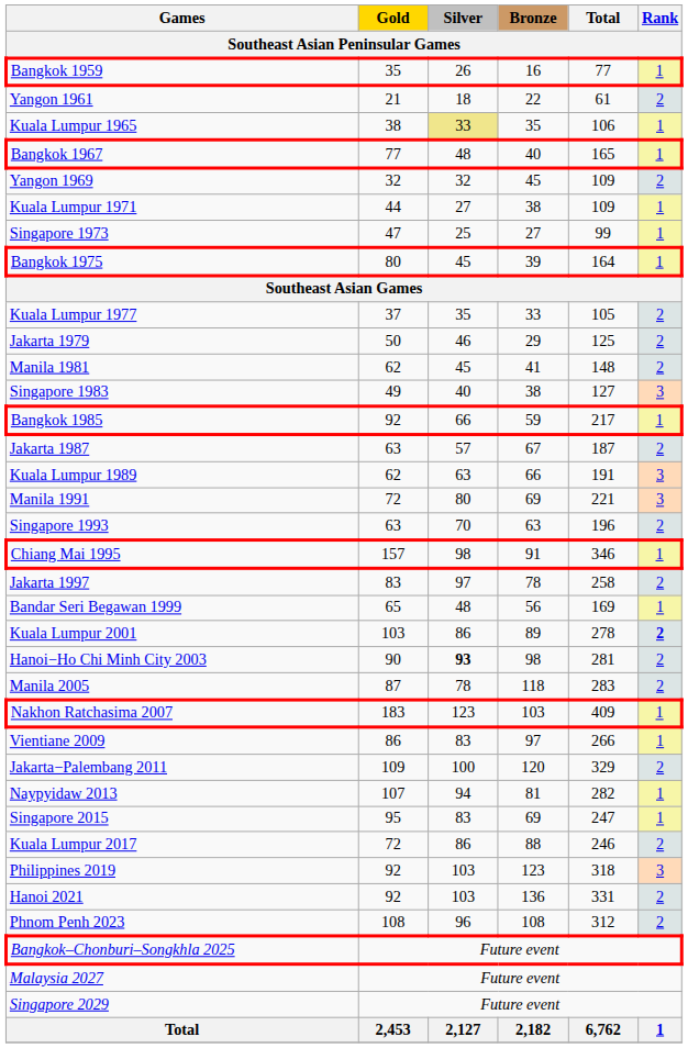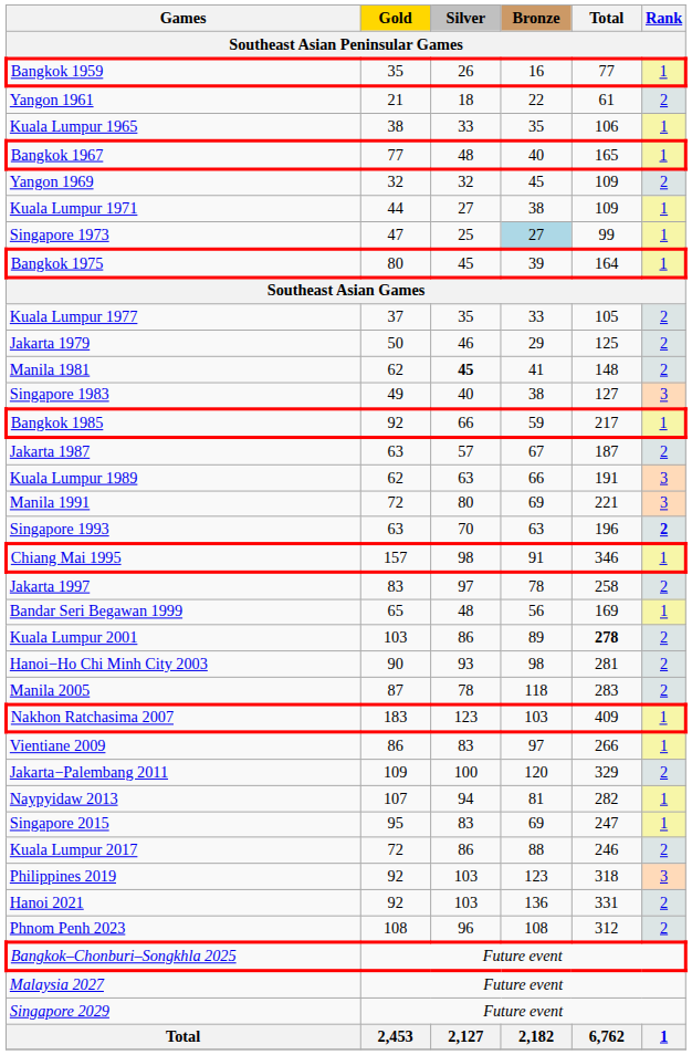 <table class="wikitable sortable" style="text-align:center; font-size:90%;">
 <tr>
 <th style="width:22em;">Games</th>
 <th style="width:4em; background:gold;">Gold</th>
 <th style="width:4em; background:silver;">Silver</th>
 <th style="width:4em; background:#cc9966;">Bronze</th>
 <th style="width:4em;">Total</th>
 <th style="width:2em;"><a href='#'>Rank</a></th>
 </tr>
 <tr>
 <th colspan=6><strong>Southeast Asian Peninsular Games</strong></th>
 </tr>
 <tr style="border: 3px solid red">
 <td align=left> <a href='#'>Bangkok 1959</a></td>
 <td>35</td>
 <td>26</td>
 <td>16</td>
 <td>77</td>
 <td bgcolor=f7f6a8><a href='#'>1</a></td>
 </tr>
 <tr>
 <td align=left> <a href='#'>Yangon 1961</a></td>
 <td>21</td>
 <td>18</td>
 <td>22</td>
 <td>61</td>
 <td bgcolor=dce5e5><a href='#'>2</a></td>
 </tr>
 <tr>
 <td align=left> <a href='#'>Kuala Lumpur 1965</a></td>
 <td>38</td>
-<td style="background: khaki;">33</td>
+<td>33</td>
 <td>35</td>
 <td>106</td>
 <td bgcolor=f7f6a8><a href='#'>1</a></td>
 </tr>
 <tr style="border: 3px solid red">
 <td align=left> <a href='#'>Bangkok 1967</a></td>
 <td>77</td>
 <td>48</td>
 <td>40</td>
 <td>165</td>
 <td bgcolor=f7f6a8><a href='#'>1</a></td>
 </tr>
 <tr>
 <td align=left> <a href='#'>Yangon 1969</a></td>
 <td>32</td>
 <td>32</td>
 <td>45</td>
 <td>109</td>
 <td bgcolor=dce5e5><a href='#'>2</a></td>
 </tr>
 <tr>
 <td align=left> <a href='#'>Kuala Lumpur 1971</a></td>
 <td>44</td>
 <td>27</td>
 <td>38</td>
 <td>109</td>
 <td bgcolor=f7f6a8><a href='#'>1</a></td>
 </tr>
 <tr>
 <td align=left> <a href='#'>Singapore 1973</a></td>
 <td>47</td>
 <td>25</td>
-<td>27</td>
+<td style="background: lightblue;">27</td>
 <td>99</td>
 <td bgcolor=f7f6a8><a href='#'>1</a></td>
 </tr>
 <tr style="border: 3px solid red">
 <td align=left> <a href='#'>Bangkok 1975</a></td>
 <td>80</td>
 <td>45</td>
 <td>39</td>
 <td>164</td>
 <td bgcolor=f7f6a8><a href='#'>1</a></td>
 </tr>
 <tr>
 <th colspan=6><strong>Southeast Asian Games</strong></th>
 </tr>
 <tr>
 <td align=left> <a href='#'>Kuala Lumpur 1977</a></td>
 <td>37</td>
 <td>35</td>
 <td>33</td>
 <td>105</td>
 <td bgcolor=dce5e5><a href='#'>2</a></td>
 </tr>
 <tr>
 <td align=left> <a href='#'>Jakarta 1979</a></td>
 <td>50</td>
 <td>46</td>
 <td>29</td>
 <td>125</td>
 <td bgcolor=dce5e5><a href='#'>2</a></td>
 </tr>
 <tr>
 <td align=left> <a href='#'>Manila 1981</a></td>
 <td>62</td>
-<td>45</td>
+<td><strong>45</strong></td>
 <td>41</td>
 <td>148</td>
 <td bgcolor=dce5e5><a href='#'>2</a></td>
 </tr>
 <tr>
 <td align=left> <a href='#'>Singapore 1983</a></td>
 <td>49</td>
 <td>40</td>
 <td>38</td>
 <td>127</td>
 <td bgcolor=ffdab9><a href='#'>3</a></td>
 </tr>
 <tr style="border: 3px solid red">
 <td align=left> <a href='#'>Bangkok 1985</a></td>
 <td>92</td>
 <td>66</td>
 <td>59</td>
 <td>217</td>
 <td bgcolor=f7f6a8><a href='#'>1</a></td>
 </tr>
 <tr>
 <td align=left> <a href='#'>Jakarta 1987</a></td>
 <td>63</td>
 <td>57</td>
 <td>67</td>
 <td>187</td>
 <td bgcolor=dce5e5><a href='#'>2</a></td>
 </tr>
 <tr>
 <td align=left> <a href='#'>Kuala Lumpur 1989</a></td>
 <td>62</td>
 <td>63</td>
 <td>66</td>
 <td>191</td>
 <td bgcolor=ffdab9><a href='#'>3</a></td>
 </tr>
 <tr>
 <td align=left> <a href='#'>Manila 1991</a></td>
 <td>72</td>
 <td>80</td>
 <td>69</td>
 <td>221</td>
 <td bgcolor=ffdab9><a href='#'>3</a></td>
 </tr>
 <tr>
 <td align=left> <a href='#'>Singapore 1993</a></td>
 <td>63</td>
 <td>70</td>
 <td>63</td>
 <td>196</td>
-<td bgcolor=dce5e5><a href='#'>2</a></td>
+<td bgcolor=dce5e5><strong><a href='#'>2</a></strong></td>
 </tr>
 <tr style="border: 3px solid red">
 <td align=left> <a href='#'>Chiang Mai 1995</a></td>
 <td>157</td>
 <td>98</td>
 <td>91</td>
 <td>346</td>
 <td bgcolor=f7f6a8><a href='#'>1</a></td>
 </tr>
 <tr>
 <td align=left> <a href='#'>Jakarta 1997</a></td>
 <td>83</td>
 <td>97</td>
 <td>78</td>
 <td>258</td>
 <td bgcolor=dce5e5><a href='#'>2</a></td>
 </tr>
 <tr>
 <td align=left> <a href='#'>Bandar Seri Begawan 1999</a></td>
 <td>65</td>
 <td>48</td>
 <td>56</td>
 <td>169</td>
 <td bgcolor=f7f6a8><a href='#'>1</a></td>
 </tr>
 <tr>
 <td align=left> <a href='#'>Kuala Lumpur 2001</a></td>
 <td>103</td>
 <td>86</td>
 <td>89</td>
-<td>278</td>
-<td bgcolor=dce5e5><strong><a href='#'>2</a></strong></td>
+<td><strong>278</strong></td>
+<td bgcolor=dce5e5><a href='#'>2</a></td>
 </tr>
 <tr>
 <td align=left> <a href='#'>Hanoi−Ho Chi Minh City 2003</a></td>
 <td>90</td>
-<td><strong>93</strong></td>
+<td>93</td>
 <td>98</td>
 <td>281</td>
 <td bgcolor=dce5e5><a href='#'>2</a></td>
 </tr>
 <tr>
 <td align=left> <a href='#'>Manila 2005</a></td>
 <td>87</td>
 <td>78</td>
 <td>118</td>
 <td>283</td>
 <td bgcolor=dce5e5><a href='#'>2</a></td>
 </tr>
 <tr style="border: 3px solid red">
 <td align=left> <a href='#'>Nakhon Ratchasima 2007</a></td>
 <td>183</td>
 <td>123</td>
 <td>103</td>
 <td>409</td>
 <td bgcolor=f7f6a8><a href='#'>1</a></td>
 </tr>
 <tr>
 <td align=left> <a href='#'>Vientiane 2009</a></td>
 <td>86</td>
 <td>83</td>
 <td>97</td>
 <td>266</td>
 <td bgcolor=f7f6a8><a href='#'>1</a></td>
 </tr>
 <tr>
 <td align=left> <a href='#'>Jakarta−Palembang 2011</a></td>
 <td>109</td>
 <td>100</td>
 <td>120</td>
 <td>329</td>
 <td bgcolor=dce5e5><a href='#'>2</a></td>
 </tr>
 <tr>
 <td align=left> <a href='#'>Naypyidaw 2013</a></td>
 <td>107</td>
 <td>94</td>
 <td>81</td>
 <td>282</td>
 <td bgcolor=f7f6a8><a href='#'>1</a></td>
 </tr>
 <tr>
 <td align=left> <a href='#'>Singapore 2015</a></td>
 <td>95</td>
 <td>83</td>
 <td>69</td>
 <td>247</td>
 <td bgcolor=f7f6a8><a href='#'>1</a></td>
 </tr>
 <tr>
 <td align=left> <a href='#'>Kuala Lumpur 2017</a></td>
 <td>72</td>
 <td>86</td>
 <td>88</td>
 <td>246</td>
 <td bgcolor=dce5e5><a href='#'>2</a></td>
 </tr>
 <tr>
 <td align=left> <a href='#'>Philippines 2019</a></td>
 <td>92</td>
 <td>103</td>
 <td>123</td>
 <td>318</td>
 <td bgcolor=ffdab9><a href='#'>3</a></td>
 </tr>
 <tr>
 <td align=left> <a href='#'>Hanoi 2021</a></td>
 <td>92</td>
 <td>103</td>
 <td>136</td>
 <td>331</td>
 <td bgcolor=dce5e5><a href='#'>2</a></td>
 </tr>
 <tr>
 <td align=left> <a href='#'>Phnom Penh 2023</a></td>
 <td>108</td>
 <td>96</td>
 <td>108</td>
 <td>312</td>
 <td bgcolor=dce5e5><a href='#'>2</a></td>
 </tr>
 <tr style="border: 3px solid red">
 <td align=left> <em><a href='#'>Bangkok–Chonburi–Songkhla 2025</a></em></td>
 <td colspan=5><em>Future event</em></td>
 </tr>
 <tr>
 <td align=left> <em><a href='#'>Malaysia 2027</a></em></td>
 <td colspan=5><em>Future event</em></td>
 </tr>
 <tr>
 <td align=left> <em><a href='#'>Singapore 2029</a></em></td>
 <td colspan=5><em>Future event</em></td>
 </tr>
 <tr>
 <th><strong>Total</strong></th>
 <th><strong>2,453</strong></th>
 <th><strong>2,127</strong></th>
 <th><strong>2,182</strong></th>
 <th>6,762</th>
 <th><strong><a href='#'>1</a></strong></th>
 </tr>
 <tr class="sortbottom">
 </tr>
 </table>
